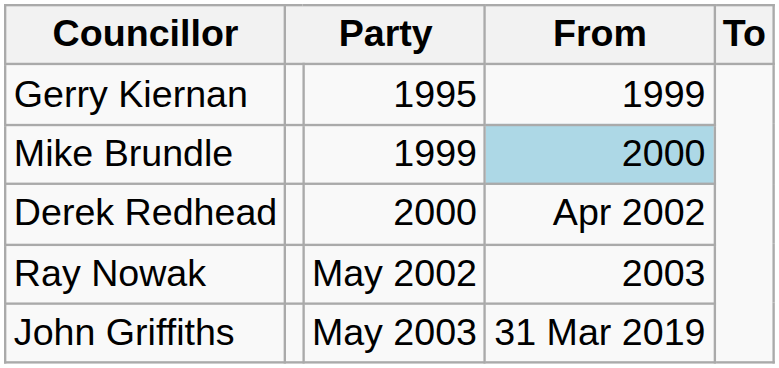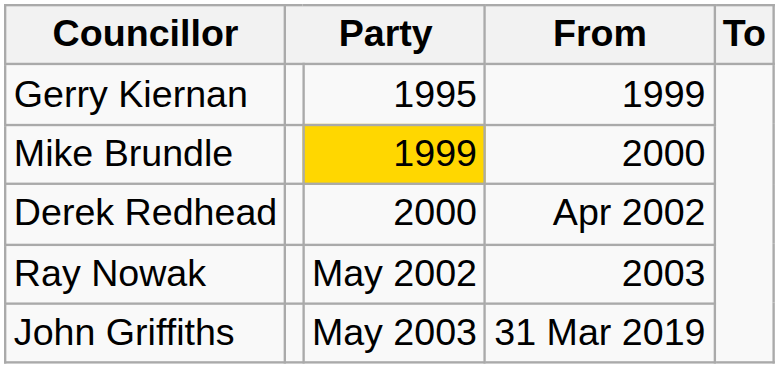 <table class=wikitable>
 <tr>
 <th>Councillor</th>
 <th colspan=2>Party</th>
 <th>From</th>
 <th>To</th>
 </tr>
 <tr>
 <td>Gerry Kiernan</td>
 <td></td>
 <td align=right>1995</td>
 <td align=right>1999</td>
 </tr>
 <tr>
 <td>Mike Brundle</td>
 <td></td>
-<td align=right>1999</td>
-<td align=right style="background: lightblue;">2000</td>
+<td align=right style="background: gold;">1999</td>
+<td align=right>2000</td>
 </tr>
 <tr>
 <td>Derek Redhead</td>
 <td></td>
 <td align=right>2000</td>
 <td align=right>Apr 2002</td>
 </tr>
 <tr>
 <td>Ray Nowak</td>
 <td></td>
 <td align=right>May 2002</td>
 <td align=right>2003</td>
 </tr>
 <tr>
 <td>John Griffiths</td>
 <td></td>
 <td align=right>May 2003</td>
 <td align=right>31 Mar 2019</td>
 </tr>
 </table>
